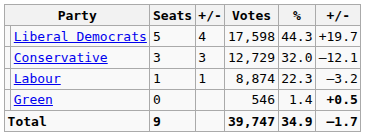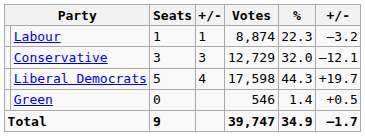 <table class="wikitable sortable">
 <tr>
 <th colspan="2">Party</th>
 <th>Seats</th>
 <th>+/-</th>
 <th>Votes</th>
 <th>%</th>
 <th>+/-</th>
+</tr>
+<tr>
+<td style="background-color: "></td>
+<td><a href='#'>Labour</a></td>
+<td>1</td>
+<td> 1</td>
+<td style="text-align:right;">8,874</td>
+<td style="text-align:right;">22.3</td>
+<td style="text-align:right;">–3.2</td>
+</tr>
+<tr>
+<td style="background-color: "></td>
+<td><a href='#'>Conservative</a></td>
+<td>3</td>
+<td> 3</td>
+<td style="text-align:right;">12,729</td>
+<td style="text-align:right;">32.0</td>
+<td style="text-align:right;">–12.1</td>
 </tr>
 <tr>
 <td style="background-color: "></td>
 <td><a href='#'>Liberal Democrats</a></td>
 <td>5</td>
 <td> 4</td>
 <td style="text-align:right;">17,598</td>
 <td style="text-align:right;">44.3</td>
 <td style="text-align:right;">+19.7</td>
 </tr>
 <tr>
 <td style="background-color: "></td>
-<td><a href='#'>Conservative</a></td>
-<td>3</td>
-<td> 3</td>
-<td style="text-align:right;">12,729</td>
-<td style="text-align:right;">32.0</td>
-<td style="text-align:right;">–12.1</td>
-</tr>
-<tr>
-<td style="background-color: "></td>
-<td><a href='#'>Labour</a></td>
-<td>1</td>
-<td> 1</td>
-<td style="text-align:right;">8,874</td>
-<td style="text-align:right;">22.3</td>
-<td style="text-align:right;">–3.2</td>
-</tr>
-<tr>
-<td style="background-color: "></td>
 <td><a href='#'>Green</a></td>
 <td>0</td>
 <td></td>
 <td style="text-align:right;">546</td>
 <td style="text-align:right;">1.4</td>
-<td style="text-align:right;"><strong>+0.5</strong></td>
+<td style="text-align:right;">+0.5</td>
 </tr>
 <tr>
 <td colspan="2"><strong>Total</strong></td>
 <td><strong>9</strong></td>
 <td></td>
 <td style="text-align:right;"><strong>39,747</strong></td>
 <td style="text-align:right;"><strong>34.9</strong></td>
 <td style="text-align:right;"><strong>–1.7</strong></td>
 </tr>
 </table>
